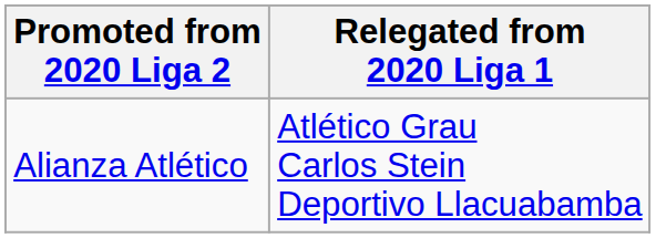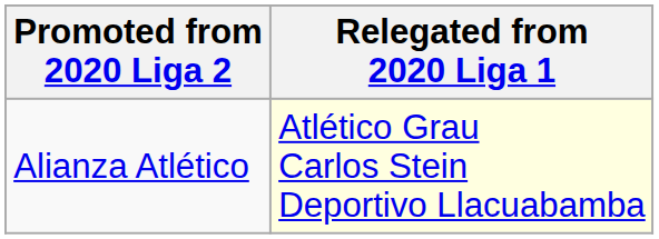 <table class="wikitable">
 <tr>
 <th>Promoted from<br><a href='#'>2020 Liga 2</a></th>
 <th>Relegated from<br><a href='#'>2020 Liga 1</a></th>
 </tr>
 <tr>
 <td> <a href='#'>Alianza Atlético</a> </td>
-<td> <a href='#'>Atlético Grau</a> <br> <a href='#'>Carlos Stein</a> <br> <a href='#'>Deportivo Llacuabamba</a> </td>
+<td style="background: lightyellow;"> <a href='#'>Atlético Grau</a> <br> <a href='#'>Carlos Stein</a> <br> <a href='#'>Deportivo Llacuabamba</a> </td>
 </tr>
 </table>
